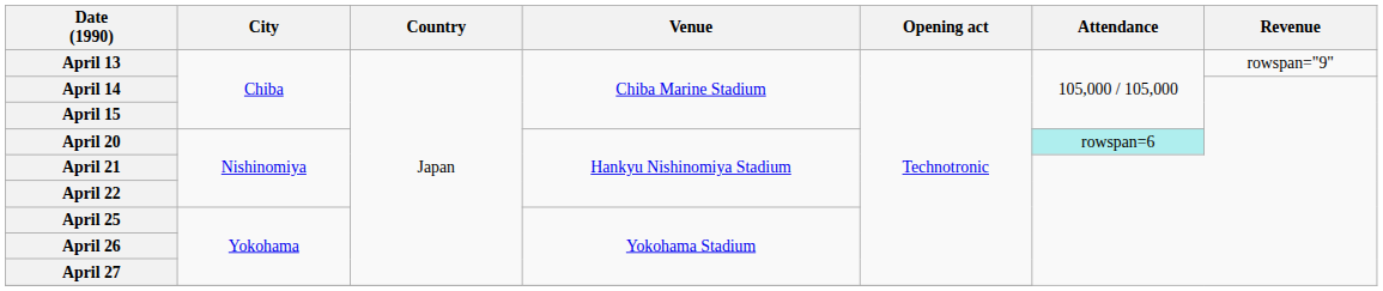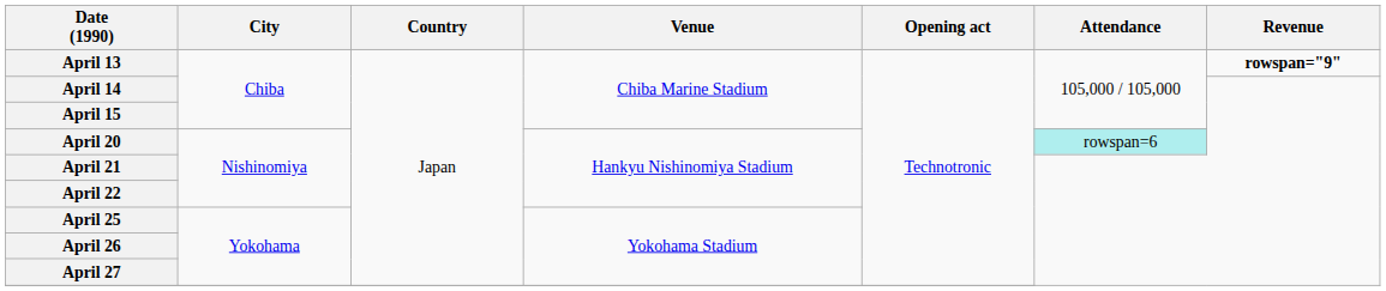 <table class="wikitable plainrowheaders" style="text-align:center;">
 <tr>
 <th scope="col" style="width:10em;">Date<br>(1990)</th>
 <th scope="col" style="width:10em;">City</th>
 <th scope="col" style="width:10em;">Country</th>
 <th scope="col" style="width:20em;">Venue</th>
 <th scope="col" style="width:10em;">Opening act</th>
 <th scope="col" style="width:10em;">Attendance</th>
 <th scope="col" style="width:10em;">Revenue</th>
 </tr>
 <tr>
 <th scope="row" style="text-align:center;">April 13</th>
 <td rowspan=3><a href='#'>Chiba</a></td>
 <td rowspan=9>Japan</td>
 <td rowspan=3><a href='#'>Chiba Marine Stadium</a></td>
 <td rowspan=9><a href='#'>Technotronic</a></td>
 <td rowspan=3>105,000 / 105,000</td>
-<td>rowspan="9" </td>
+<td><strong>rowspan="9" </strong></td>
 </tr>
 <tr>
 <th scope="row" style="text-align:center;">April 14</th>
 </tr>
 <tr>
 <th scope="row" style="text-align:center;">April 15</th>
 </tr>
 <tr>
 <th scope="row" style="text-align:center;">April 20</th>
 <td rowspan=3><a href='#'>Nishinomiya</a></td>
 <td rowspan=3><a href='#'>Hankyu Nishinomiya Stadium</a></td>
 <td style="background: paleturquoise;">rowspan=6 </td>
 </tr>
 <tr>
 <th scope="row" style="text-align:center;">April 21</th>
 </tr>
 <tr>
 <th scope="row" style="text-align:center;">April 22</th>
 </tr>
 <tr>
 <th scope="row" style="text-align:center;">April 25</th>
 <td rowspan=3><a href='#'>Yokohama</a></td>
 <td rowspan=3><a href='#'>Yokohama Stadium</a></td>
 </tr>
 <tr>
 <th scope="row" style="text-align:center;">April 26</th>
 </tr>
 <tr>
 <th scope="row" style="text-align:center;">April 27</th>
 </tr>
 <tr>
 </tr>
 </table>
